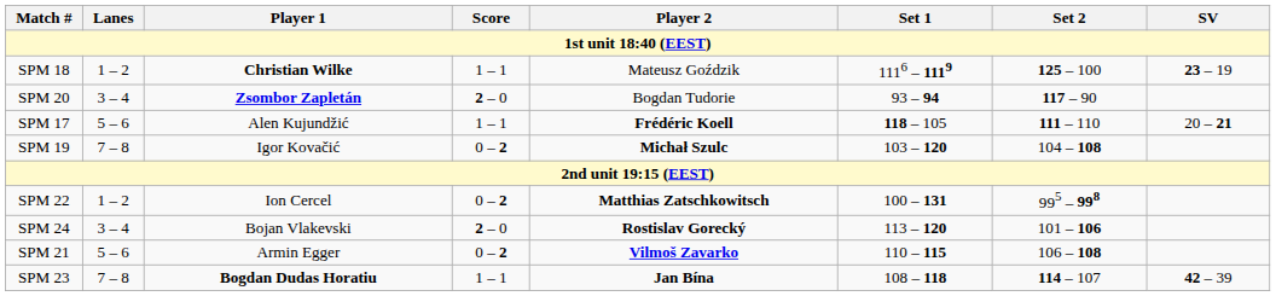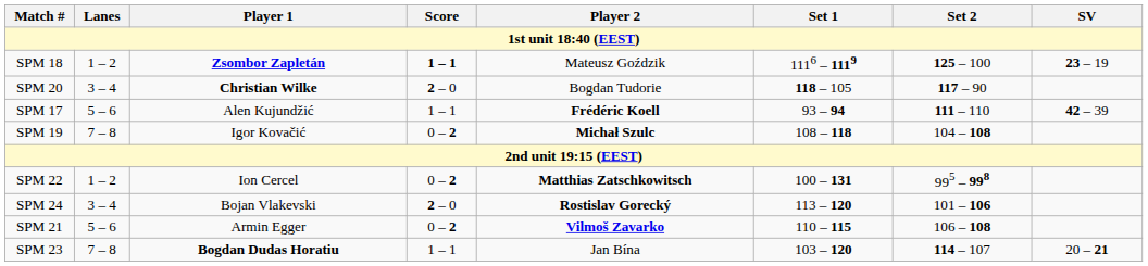 <table class="wikitable">
 <tr>
 <th width="5%">Match #</th>
 <th width="4%">Lanes</th>
 <th width="20%">Player 1</th>
 <th width="5%">Score</th>
 <th width="20%">Player 2</th>
 <th width="10%">Set 1</th>
 <th width="10%">Set 2</th>
 <th width="8%">SV</th>
 </tr>
 <tr>
 <td colspan="8" style="text-align:center; background-color:#FFFACD"><strong>1st unit 18:40 (<a href='#'>EEST</a>)</strong></td>
 </tr>
 <tr style=text-align:center;"background:#;">
 <td>SPM 18</td>
 <td>1 – 2</td>
-<td> <strong>Christian Wilke</strong></td>
-<td>1 – 1</td>
+<td> <strong><a href='#'>Zsombor Zapletán</a></strong></td>
+<td><strong>1 – 1</strong></td>
 <td> Mateusz Goździk</td>
 <td>111<sup>6</sup>  – <strong>111<sup>9</sup></strong></td>
 <td><strong>125</strong> – 100</td>
 <td><strong>23</strong> – 19</td>
 </tr>
 <tr style=text-align:center;"background:#;">
 <td>SPM 20</td>
 <td>3 – 4</td>
-<td> <strong><a href='#'>Zsombor Zapletán</a></strong></td>
+<td> <strong>Christian Wilke</strong></td>
 <td><strong>2</strong> – 0</td>
 <td><strong></strong> Bogdan Tudorie</td>
-<td>93 – <strong>94</strong></td>
+<td><strong>118</strong> – 105</td>
 <td><strong>117</strong> – 90</td>
 <td></td>
 </tr>
 <tr style=text-align:center;"background:#;">
 <td>SPM 17</td>
 <td>5 – 6</td>
 <td> Alen Kujundžić</td>
 <td>1 – 1</td>
 <td> <strong>Frédéric Koell</strong></td>
-<td><strong>118</strong> – 105</td>
+<td>93 – <strong>94</strong></td>
 <td><strong>111</strong> – 110</td>
-<td>20 – <strong>21</strong></td>
+<td><strong>42</strong> – 39</td>
 </tr>
 <tr style=text-align:center;"background:#;">
 <td>SPM 19</td>
 <td>7 – 8</td>
 <td> Igor Kovačić</td>
 <td>0 – <strong>2</strong></td>
 <td> <strong>Michał Szulc</strong></td>
-<td>103 – <strong>120</strong></td>
+<td>108 – <strong>118</strong></td>
 <td>104 – <strong>108</strong></td>
 <td></td>
 </tr>
 <tr>
 <td colspan="8" style="text-align:center; background-color:#FFFACD"><strong>2nd unit 19:15 (<a href='#'>EEST</a>)</strong></td>
 </tr>
 <tr style=text-align:center;"background:#;">
 <td>SPM 22</td>
 <td>1 – 2</td>
 <td> Ion Cercel</td>
 <td>0 – <strong>2</strong></td>
 <td> <strong>Matthias Zatschkowitsch</strong></td>
 <td>100 – <strong>131</strong></td>
 <td>99<sup>5</sup> – <strong>99<sup>8</sup></strong></td>
 <td></td>
 </tr>
 <tr style=text-align:center;"background:#;">
 <td>SPM 24</td>
 <td>3 – 4</td>
 <td> Bojan Vlakevski</td>
 <td><strong>2</strong> – 0</td>
 <td> <strong>Rostislav Gorecký</strong></td>
 <td>113 – <strong>120</strong></td>
 <td>101 – <strong>106</strong></td>
 <td></td>
 </tr>
 <tr style=text-align:center;"background:#;">
 <td>SPM 21</td>
 <td>5 – 6</td>
 <td> Armin Egger</td>
 <td>0 – <strong>2</strong></td>
 <td> <strong><a href='#'>Vilmoš Zavarko</a></strong></td>
 <td>110 – <strong>115</strong></td>
 <td>106 – <strong>108</strong></td>
 <td></td>
 </tr>
 <tr style=text-align:center;"background:#;">
 <td>SPM 23</td>
 <td>7 – 8</td>
 <td> <strong>Bogdan Dudas Horatiu</strong></td>
 <td>1 – 1</td>
-<td><strong> Jan Bína</strong></td>
-<td>108 – <strong>118</strong></td>
+<td> Jan Bína</td>
+<td>103 – <strong>120</strong></td>
 <td><strong>114</strong> – 107</td>
-<td><strong>42</strong> – 39</td>
+<td>20 – <strong>21</strong></td>
 </tr>
 </table>
